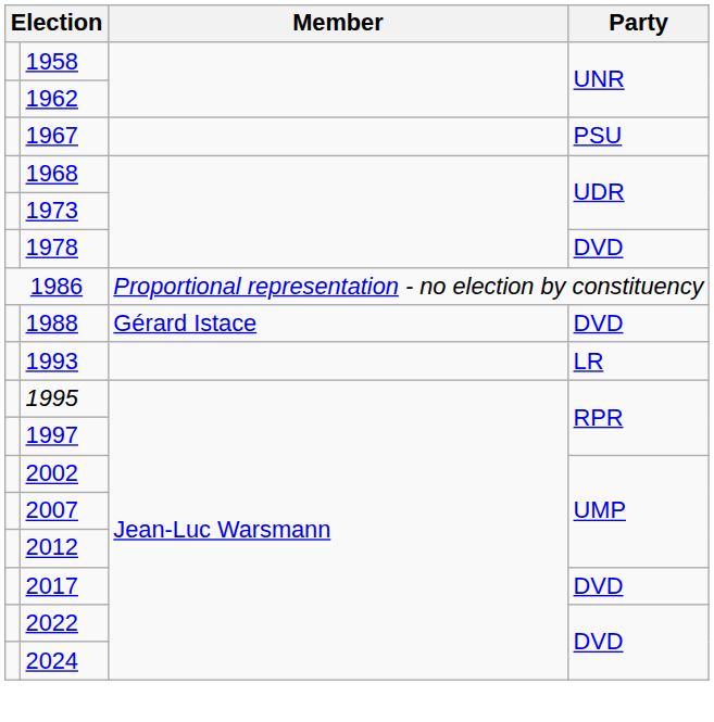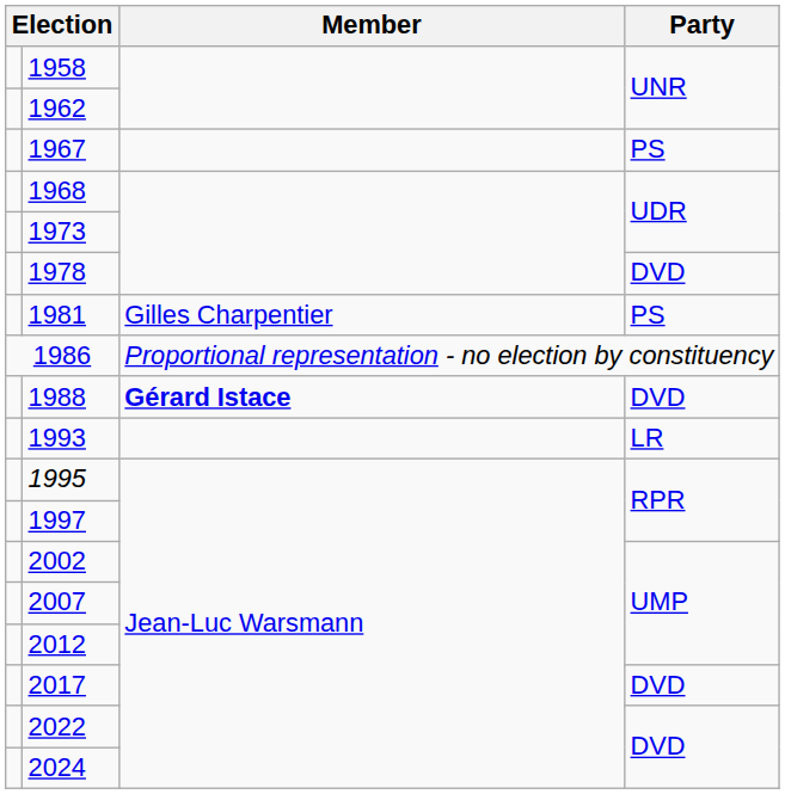 <table class="wikitable">
 <tr>
 <th colspan="2">Election</th>
 <th>Member</th>
 <th>Party</th>
 </tr>
 <tr>
 <td style="color:inherit;background-color: "></td>
 <td><a href='#'>1958</a></td>
 <td rowspan="2"></td>
 <td rowspan="2"><a href='#'>UNR</a></td>
 </tr>
 <tr>
 <td style="color:inherit;background-color: "></td>
 <td><a href='#'>1962</a></td>
 </tr>
 <tr>
 <td style="color:inherit;background-color: "></td>
 <td><a href='#'>1967</a></td>
 <td></td>
-<td><a href='#'>PSU</a></td>
+<td><a href='#'>PS</a></td>
 </tr>
 <tr>
 <td style="color:inherit;background-color: "></td>
 <td><a href='#'>1968</a></td>
 <td rowspan="3"></td>
 <td rowspan="2"><a href='#'>UDR</a></td>
 </tr>
 <tr>
 <td style="color:inherit;background-color: "></td>
 <td><a href='#'>1973</a></td>
 </tr>
 <tr>
 <td style="color:inherit;background-color: "></td>
 <td><a href='#'>1978</a></td>
 <td><a href='#'>DVD</a></td>
 </tr>
 <tr>
+<td style="color:inherit;background-color: "></td>
+<td><a href='#'>1981</a></td>
+<td><a href='#'>Gilles Charpentier</a></td>
+<td><a href='#'>PS</a></td>
+</tr>
+<tr>
 <td colspan="2" align="center"><a href='#'>1986</a></td>
 <td colspan="2"><em><a href='#'>Proportional representation</a> - no election by constituency</em></td>
 </tr>
 <tr>
 <td style="color:inherit;background-color: "></td>
 <td><a href='#'>1988</a></td>
-<td><a href='#'>Gérard Istace</a></td>
+<td><strong><a href='#'>Gérard Istace</a></strong></td>
 <td><a href='#'>DVD</a></td>
 </tr>
 <tr>
 <td style="color:inherit;background-color: "></td>
 <td><a href='#'>1993</a></td>
 <td></td>
 <td><a href='#'>LR</a></td>
 </tr>
 <tr>
 <td style="color:inherit;background-color: "></td>
 <td><em>1995</em></td>
 <td rowspan="8"><a href='#'>Jean-Luc Warsmann</a></td>
 <td rowspan="2"><a href='#'>RPR</a></td>
 </tr>
 <tr>
 <td style="color:inherit;background-color: "></td>
 <td><a href='#'>1997</a></td>
 </tr>
 <tr>
 <td style="color:inherit;background-color: "></td>
 <td><a href='#'>2002</a></td>
 <td rowspan="3"><a href='#'>UMP</a></td>
 </tr>
 <tr>
 <td style="color:inherit;background-color: "></td>
 <td><a href='#'>2007</a></td>
 </tr>
 <tr>
 <td style="color:inherit;background-color: "></td>
 <td><a href='#'>2012</a></td>
 </tr>
 <tr>
 <td style="color:inherit;background-color: "></td>
 <td><a href='#'>2017</a></td>
 <td><a href='#'>DVD</a></td>
 </tr>
 <tr>
 <td style="color:inherit;background-color: "></td>
 <td><a href='#'>2022</a></td>
 <td rowspan="2"><a href='#'>DVD</a></td>
 </tr>
 <tr>
 <td style="color:inherit;background-color: "></td>
 <td><a href='#'>2024</a></td>
 </tr>
 </table>
